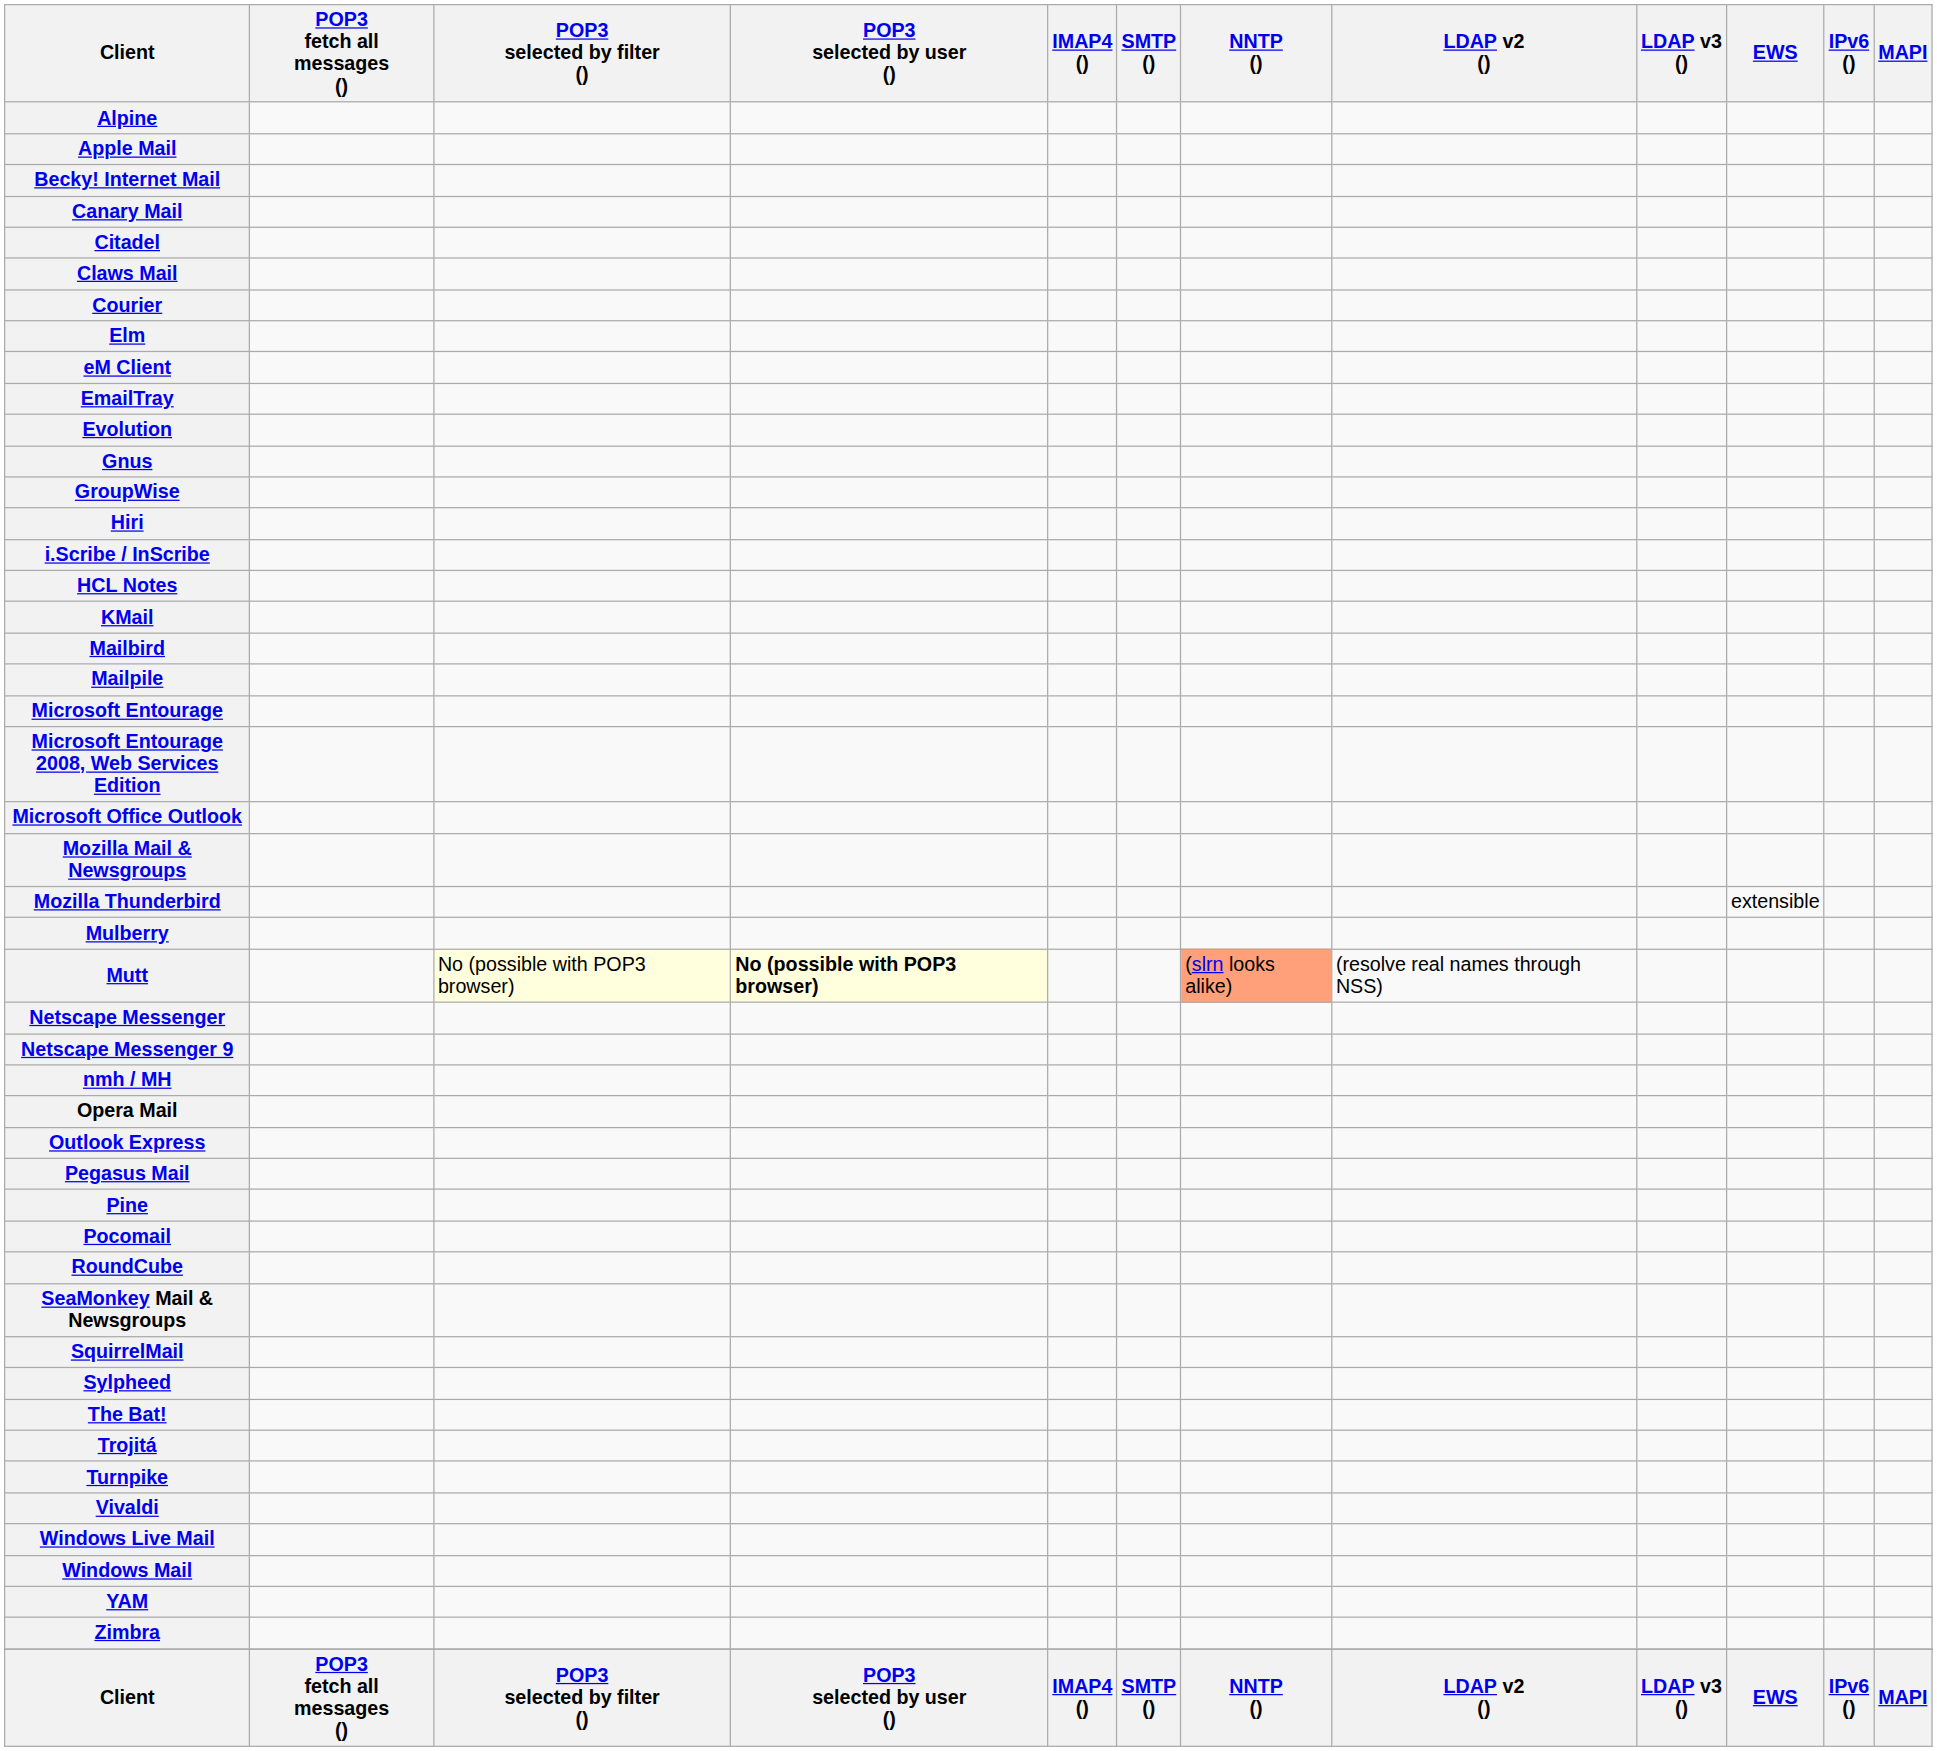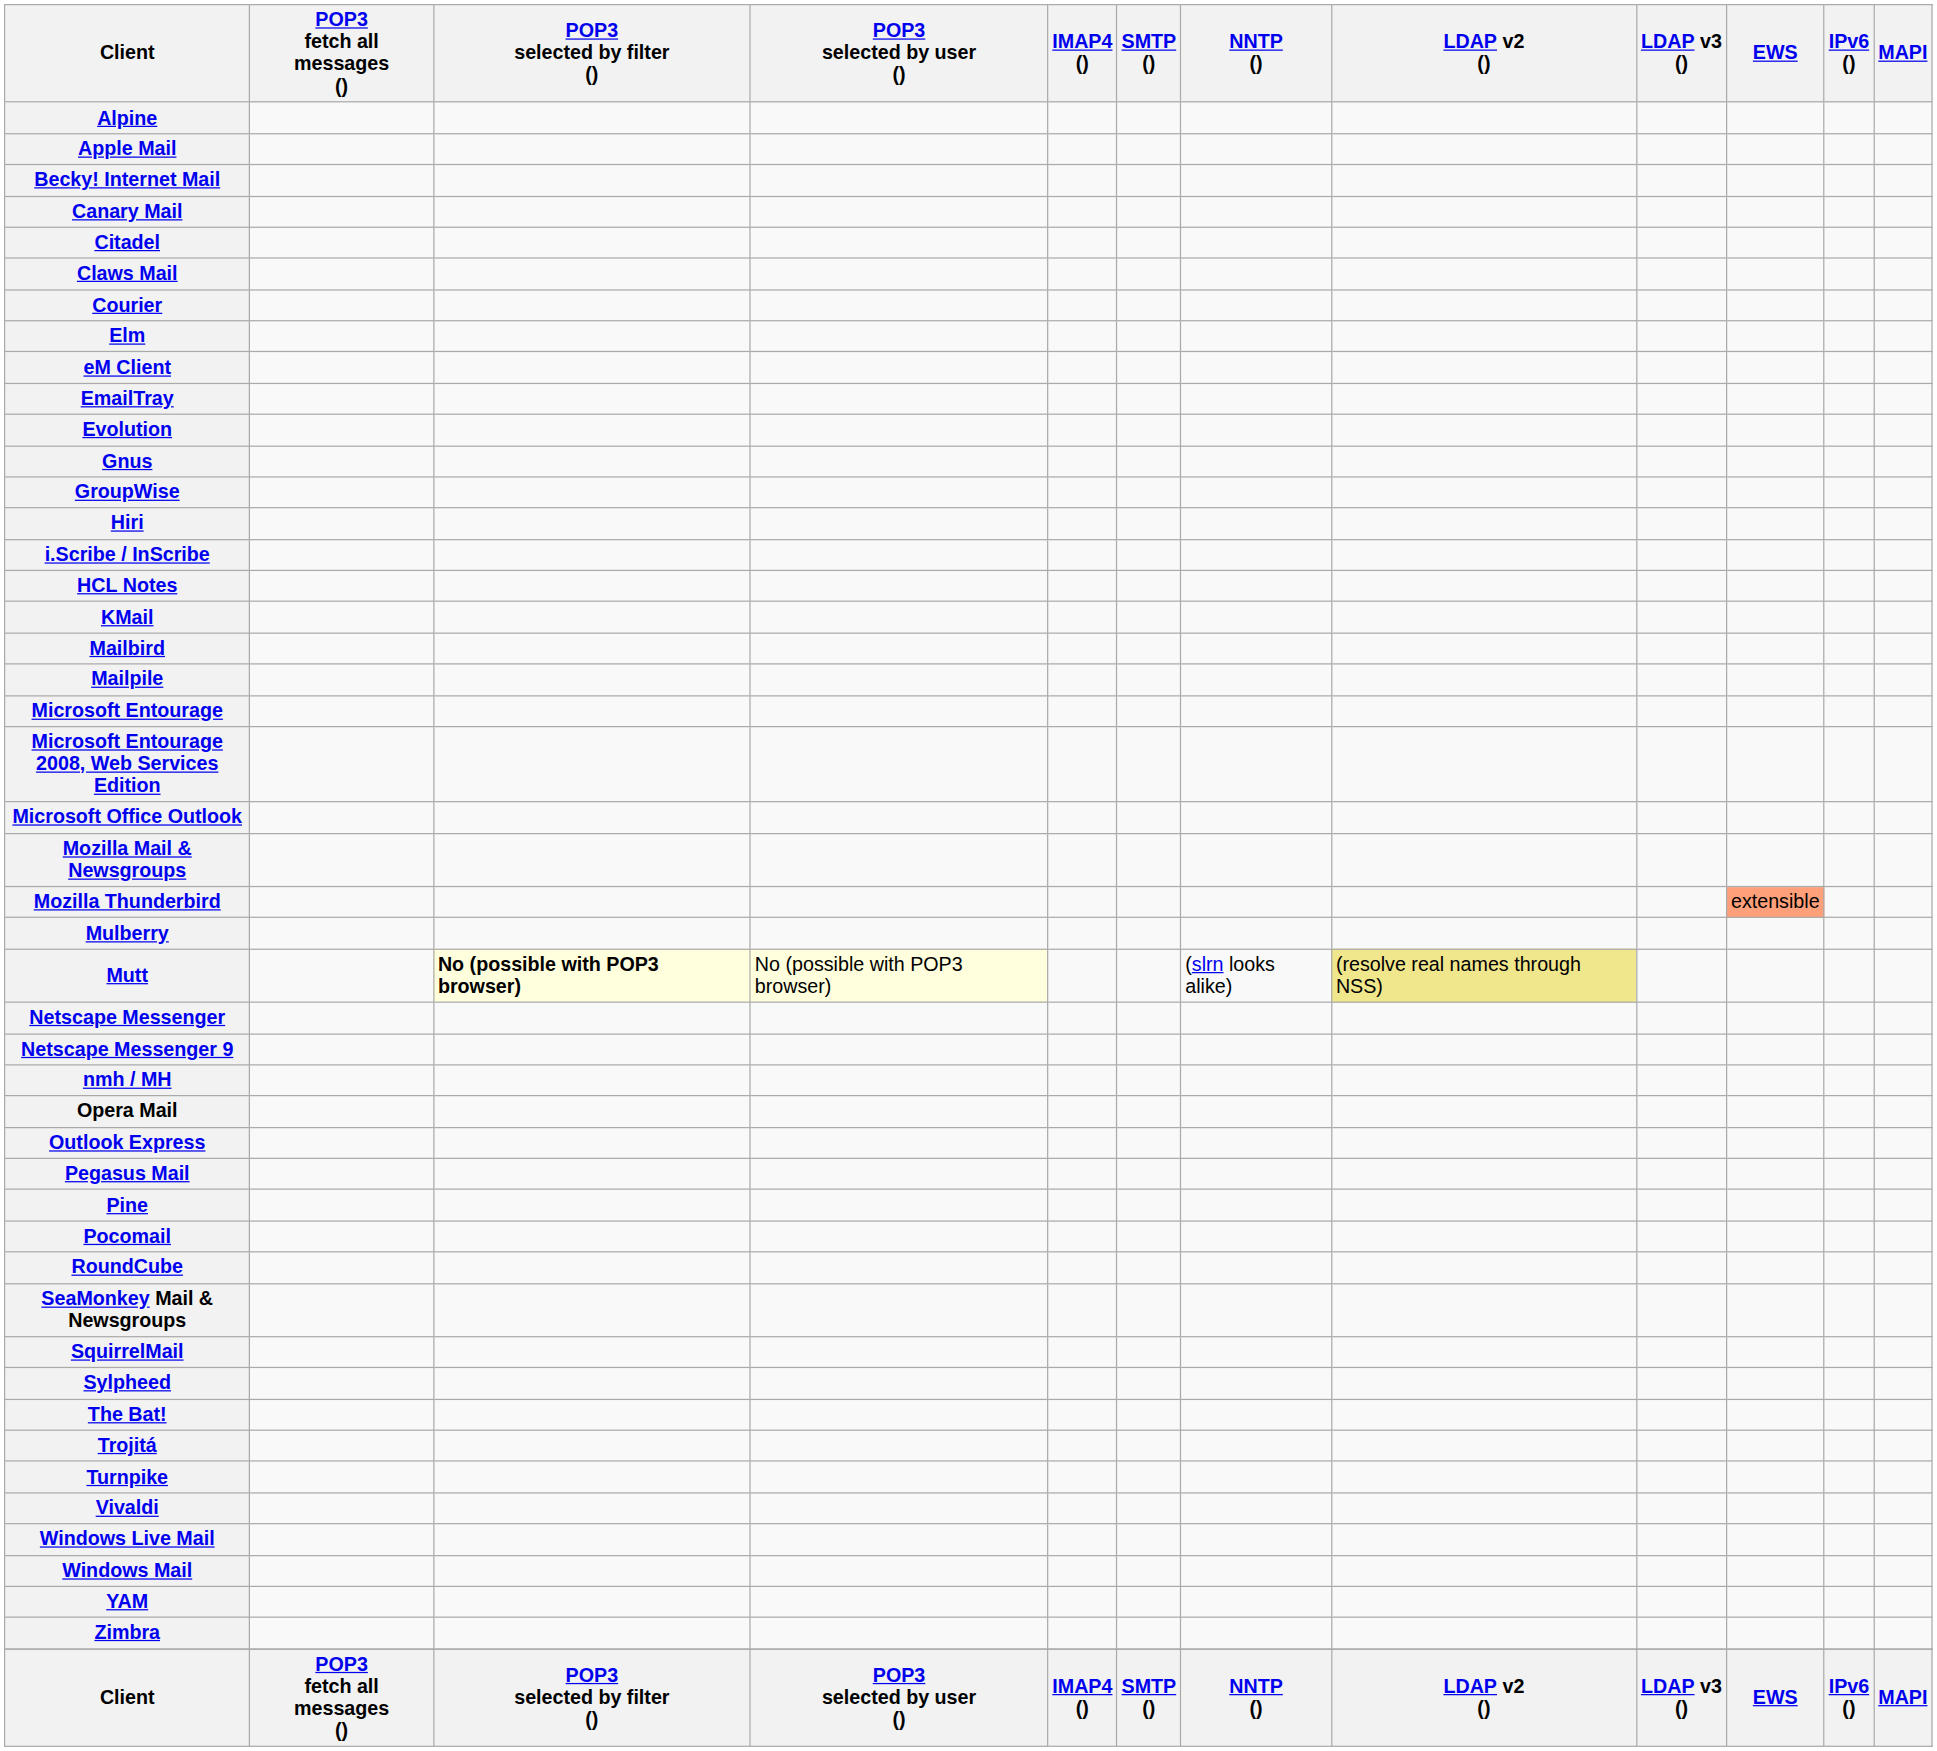 <table class="wikitable sortable sort-under sticky-header">
 <tr>
 <th style="width:12em">Client</th>
 <th><a href='#'>POP3</a> <br> fetch all messages <br>()</th>
 <th><a href='#'>POP3</a> <br> selected by filter <br>()</th>
 <th><a href='#'>POP3</a> <br> selected by user <br>()</th>
 <th><a href='#'>IMAP4</a><br>()</th>
 <th><a href='#'>SMTP</a><br>()</th>
 <th><a href='#'>NNTP</a><br>()</th>
 <th><a href='#'>LDAP</a> v2<br>()</th>
 <th><a href='#'>LDAP</a> v3<br>()</th>
 <th><a href='#'>EWS</a></th>
 <th><a href='#'>IPv6</a><br>()</th>
 <th><a href='#'>MAPI</a></th>
 </tr>
 <tr>
 <th><a href='#'>Alpine</a></th>
 <td></td>
 <td></td>
 <td></td>
 <td></td>
 <td></td>
 <td></td>
 <td></td>
 <td></td>
 <td></td>
 <td></td>
 <td></td>
 </tr>
 <tr>
 <th><a href='#'>Apple Mail</a></th>
 <td></td>
 <td></td>
 <td></td>
 <td></td>
 <td></td>
 <td></td>
 <td></td>
 <td></td>
 <td></td>
 <td></td>
 <td></td>
 </tr>
 <tr>
 <th><a href='#'>Becky! Internet Mail</a></th>
 <td></td>
 <td></td>
 <td></td>
 <td></td>
 <td></td>
 <td> </td>
 <td></td>
 <td></td>
 <td></td>
 <td></td>
 <td></td>
 </tr>
 <tr>
 <th><a href='#'>Canary Mail</a></th>
 <td></td>
 <td></td>
 <td></td>
 <td></td>
 <td></td>
 <td></td>
 <td></td>
 <td></td>
 <td></td>
 <td></td>
 <td></td>
 </tr>
 <tr>
 <th><a href='#'>Citadel</a></th>
 <td></td>
 <td></td>
 <td></td>
 <td></td>
 <td></td>
 <td></td>
 <td></td>
 <td></td>
 <td></td>
 <td></td>
 <td></td>
 </tr>
 <tr>
 <th><a href='#'>Claws Mail</a></th>
 <td></td>
 <td></td>
 <td></td>
 <td></td>
 <td></td>
 <td></td>
 <td></td>
 <td></td>
 <td></td>
 <td></td>
 <td></td>
 </tr>
 <tr>
 <th><a href='#'>Courier</a></th>
 <td></td>
 <td></td>
 <td></td>
 <td></td>
 <td></td>
 <td></td>
 <td></td>
 <td></td>
 <td></td>
 <td></td>
 <td></td>
 </tr>
 <tr>
 <th><a href='#'>Elm</a></th>
 <td></td>
 <td></td>
 <td></td>
 <td></td>
 <td></td>
 <td></td>
 <td></td>
 <td></td>
 <td></td>
 <td></td>
 <td></td>
 </tr>
 <tr>
 <th><a href='#'>eM Client</a></th>
 <td></td>
 <td></td>
 <td></td>
 <td></td>
 <td></td>
 <td></td>
 <td></td>
 <td></td>
 <td></td>
 <td></td>
 <td></td>
 </tr>
 <tr>
 <th><a href='#'>EmailTray</a></th>
 <td></td>
 <td></td>
 <td></td>
 <td></td>
 <td></td>
 <td></td>
 <td></td>
 <td></td>
 <td></td>
 <td></td>
 <td></td>
 </tr>
 <tr>
 <th><a href='#'>Evolution</a></th>
 <td></td>
 <td></td>
 <td></td>
 <td></td>
 <td></td>
 <td></td>
 <td></td>
 <td></td>
 <td></td>
 <td></td>
 <td></td>
 </tr>
 <tr>
 <th><a href='#'>Gnus</a></th>
 <td></td>
 <td></td>
 <td></td>
 <td></td>
 <td></td>
 <td></td>
 <td> </td>
 <td> </td>
 <td></td>
 <td></td>
 <td></td>
 </tr>
 <tr>
 <th><a href='#'>GroupWise</a></th>
 <td></td>
 <td></td>
 <td></td>
 <td></td>
 <td></td>
 <td></td>
 <td></td>
 <td></td>
 <td></td>
 <td></td>
 <td></td>
 </tr>
 <tr>
 <th><a href='#'>Hiri</a></th>
 <td></td>
 <td></td>
 <td></td>
 <td></td>
 <td></td>
 <td></td>
 <td></td>
 <td></td>
 <td></td>
 <td></td>
 <td></td>
 </tr>
 <tr>
 <th><a href='#'>i.Scribe / InScribe</a></th>
 <td></td>
 <td></td>
 <td></td>
 <td></td>
 <td></td>
 <td></td>
 <td> </td>
 <td> </td>
 <td></td>
 <td></td>
 <td></td>
 </tr>
 <tr>
 <th><a href='#'>HCL Notes</a></th>
 <td></td>
 <td></td>
 <td></td>
 <td></td>
 <td></td>
 <td></td>
 <td></td>
 <td></td>
 <td></td>
 <td></td>
 <td></td>
 </tr>
 <tr>
 <th><a href='#'>KMail</a></th>
 <td></td>
 <td></td>
 <td></td>
 <td></td>
 <td></td>
 <td> </td>
 <td></td>
 <td></td>
 <td></td>
 <td></td>
 <td></td>
 </tr>
 <tr>
 <th><a href='#'>Mailbird</a></th>
 <td></td>
 <td></td>
 <td></td>
 <td></td>
 <td></td>
 <td></td>
 <td></td>
 <td></td>
 <td></td>
 <td></td>
 <td></td>
 </tr>
 <tr>
 <th><a href='#'>Mailpile</a></th>
 <td></td>
 <td></td>
 <td></td>
 <td></td>
 <td></td>
 <td></td>
 <td></td>
 <td></td>
 <td></td>
 <td></td>
 <td></td>
 </tr>
 <tr>
 <th><a href='#'>Microsoft Entourage</a></th>
 <td></td>
 <td></td>
 <td></td>
 <td></td>
 <td></td>
 <td></td>
 <td></td>
 <td></td>
 <td></td>
 <td></td>
 <td></td>
 </tr>
 <tr>
 <th><a href='#'> Microsoft Entourage 2008, Web Services Edition</a></th>
 <td></td>
 <td></td>
 <td></td>
 <td></td>
 <td></td>
 <td></td>
 <td></td>
 <td></td>
 <td></td>
 <td></td>
 <td></td>
 </tr>
 <tr>
 <th><a href='#'>Microsoft Office Outlook</a></th>
 <td></td>
 <td></td>
 <td></td>
 <td></td>
 <td></td>
 <td></td>
 <td></td>
 <td></td>
 <td></td>
 <td></td>
 <td></td>
 </tr>
 <tr>
 <th><a href='#'>Mozilla Mail & Newsgroups</a></th>
 <td></td>
 <td></td>
 <td></td>
 <td></td>
 <td></td>
 <td></td>
 <td></td>
 <td></td>
 <td></td>
 <td></td>
 <td></td>
 </tr>
 <tr>
 <th><a href='#'>Mozilla Thunderbird</a></th>
 <td></td>
 <td></td>
 <td></td>
 <td></td>
 <td></td>
 <td></td>
 <td></td>
 <td></td>
-<td>extensible</td>
+<td style="background: lightsalmon;">extensible</td>
 <td></td>
 <td></td>
 </tr>
 <tr>
 <th><a href='#'>Mulberry</a></th>
 <td></td>
 <td></td>
 <td></td>
 <td></td>
 <td></td>
 <td></td>
 <td></td>
 <td></td>
 <td></td>
 <td></td>
 <td></td>
 </tr>
 <tr>
 <th><a href='#'>Mutt</a></th>
 <td></td>
+<td style="background: #ffffdd;"><strong>No (possible with POP3 browser)</strong></td>
 <td style="background: #ffffdd;">No (possible with POP3 browser)</td>
-<td style="background: #ffffdd;"><strong>No (possible with POP3 browser)</strong></td>
 <td></td>
 <td></td>
-<td style="background: lightsalmon;"> (<a href='#'>slrn</a> looks alike)</td>
-<td> (resolve real names through NSS)</td>
+<td> (<a href='#'>slrn</a> looks alike)</td>
+<td style="background: khaki;"> (resolve real names through NSS)</td>
 <td></td>
 <td></td>
 <td></td>
 <td></td>
 </tr>
 <tr>
 <th><a href='#'>Netscape Messenger</a></th>
 <td></td>
 <td></td>
 <td></td>
 <td></td>
 <td></td>
 <td></td>
 <td></td>
 <td></td>
 <td></td>
 <td></td>
 <td></td>
 </tr>
 <tr>
 <th><a href='#'>Netscape Messenger 9</a></th>
 <td></td>
 <td></td>
 <td></td>
 <td></td>
 <td></td>
 <td></td>
 <td></td>
 <td></td>
 <td></td>
 <td></td>
 <td></td>
 </tr>
 <tr>
 <th><a href='#'>nmh / MH</a></th>
 <td></td>
 <td></td>
 <td></td>
 <td></td>
 <td></td>
 <td></td>
 <td></td>
 <td></td>
 <td></td>
 <td></td>
 <td></td>
 </tr>
 <tr>
 <th>Opera Mail</th>
 <td></td>
 <td></td>
 <td></td>
 <td></td>
 <td></td>
 <td></td>
 <td></td>
 <td></td>
 <td></td>
 <td></td>
 <td></td>
 </tr>
 <tr>
 <th><a href='#'>Outlook Express</a></th>
 <td></td>
 <td></td>
 <td></td>
 <td></td>
 <td></td>
 <td></td>
 <td></td>
 <td></td>
 <td></td>
 <td></td>
 <td></td>
 </tr>
 <tr>
 <th><a href='#'>Pegasus Mail</a></th>
 <td></td>
 <td></td>
 <td></td>
 <td></td>
 <td></td>
 <td> </td>
 <td></td>
 <td></td>
 <td></td>
 <td></td>
 <td></td>
 </tr>
 <tr>
 <th><a href='#'>Pine</a></th>
 <td></td>
 <td></td>
 <td></td>
 <td></td>
 <td></td>
 <td></td>
 <td></td>
 <td></td>
 <td></td>
 <td></td>
 <td></td>
 </tr>
 <tr>
 <th><a href='#'>Pocomail</a></th>
 <td></td>
 <td></td>
 <td></td>
 <td></td>
 <td></td>
 <td></td>
 <td></td>
 <td></td>
 <td></td>
 <td></td>
 <td></td>
 </tr>
 <tr>
 <th><a href='#'>RoundCube</a></th>
 <td></td>
 <td></td>
 <td></td>
 <td></td>
 <td></td>
 <td></td>
 <td></td>
 <td></td>
 <td></td>
 <td></td>
 <td></td>
 </tr>
 <tr>
 <th><a href='#'>SeaMonkey</a> Mail & Newsgroups</th>
 <td></td>
 <td></td>
 <td></td>
 <td></td>
 <td></td>
 <td></td>
 <td></td>
 <td></td>
 <td></td>
 <td></td>
 <td></td>
 </tr>
 <tr>
 <th><a href='#'>SquirrelMail</a></th>
 <td></td>
 <td></td>
 <td></td>
 <td></td>
 <td></td>
 <td></td>
 <td></td>
 <td></td>
 <td></td>
 <td></td>
 <td></td>
 </tr>
 <tr>
 <th><a href='#'>Sylpheed</a></th>
 <td></td>
 <td></td>
 <td></td>
 <td></td>
 <td></td>
 <td></td>
 <td></td>
 <td></td>
 <td></td>
 <td></td>
 <td></td>
 </tr>
 <tr>
 <th><a href='#'>The Bat!</a></th>
 <td></td>
 <td> </td>
 <td> </td>
 <td></td>
 <td></td>
 <td> </td>
 <td></td>
 <td></td>
 <td></td>
 <td></td>
 <td></td>
 </tr>
 <tr>
 <th><a href='#'>Trojitá</a></th>
 <td></td>
 <td></td>
 <td></td>
 <td></td>
 <td></td>
 <td></td>
 <td></td>
 <td></td>
 <td></td>
 <td></td>
 <td></td>
 </tr>
 <tr>
 <th><a href='#'>Turnpike</a></th>
 <td></td>
 <td></td>
 <td></td>
 <td></td>
 <td></td>
 <td></td>
 <td></td>
 <td></td>
 <td></td>
 <td></td>
 <td></td>
 </tr>
 <tr>
 <th><a href='#'>Vivaldi</a></th>
 <td></td>
 <td></td>
 <td></td>
 <td></td>
 <td></td>
 <td></td>
 <td></td>
 <td></td>
 <td></td>
 <td></td>
 </tr>
 <tr>
 <th><a href='#'>Windows Live Mail</a></th>
 <td></td>
 <td></td>
 <td></td>
 <td></td>
 <td></td>
 <td></td>
 <td></td>
 <td></td>
 <td></td>
 <td></td>
 <td></td>
 </tr>
 <tr>
 <th><a href='#'>Windows Mail</a></th>
 <td></td>
 <td></td>
 <td></td>
 <td></td>
 <td></td>
 <td></td>
 <td></td>
 <td></td>
 <td></td>
 <td></td>
 <td></td>
 </tr>
 <tr>
 <th><a href='#'>YAM</a></th>
 <td></td>
 <td></td>
 <td></td>
 <td></td>
 <td></td>
 <td></td>
 <td></td>
 <td></td>
 <td></td>
 <td></td>
 <td></td>
 </tr>
 <tr>
 <th><a href='#'>Zimbra</a></th>
 <td></td>
 <td></td>
 <td></td>
 <td></td>
 <td></td>
 <td></td>
 <td></td>
 <td></td>
 <td></td>
 <td></td>
 <td></td>
 </tr>
 <tr>
 </tr>
 <tr class="sortbottom">
 <th>Client</th>
 <th><a href='#'>POP3</a> <br> fetch all messages <br>()</th>
 <th><a href='#'>POP3</a> <br> selected by filter <br>()</th>
 <th><a href='#'>POP3</a> <br> selected by user <br>()</th>
 <th><a href='#'>IMAP4</a><br>()</th>
 <th><a href='#'>SMTP</a><br>()</th>
 <th><a href='#'>NNTP</a><br>()</th>
 <th><a href='#'>LDAP</a> v2<br>()</th>
 <th><a href='#'>LDAP</a> v3<br>()</th>
 <th><a href='#'>EWS</a></th>
 <th><a href='#'>IPv6</a><br>()</th>
 <th><a href='#'>MAPI</a></th>
 </tr>
 </table>
